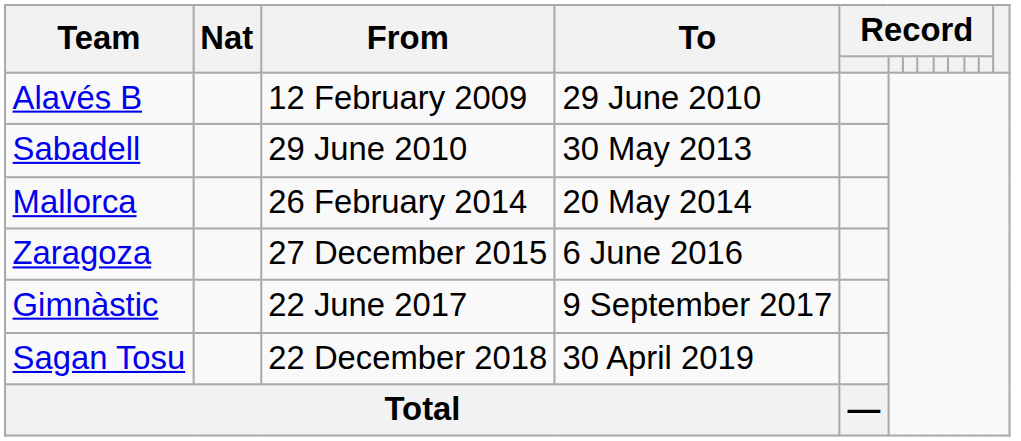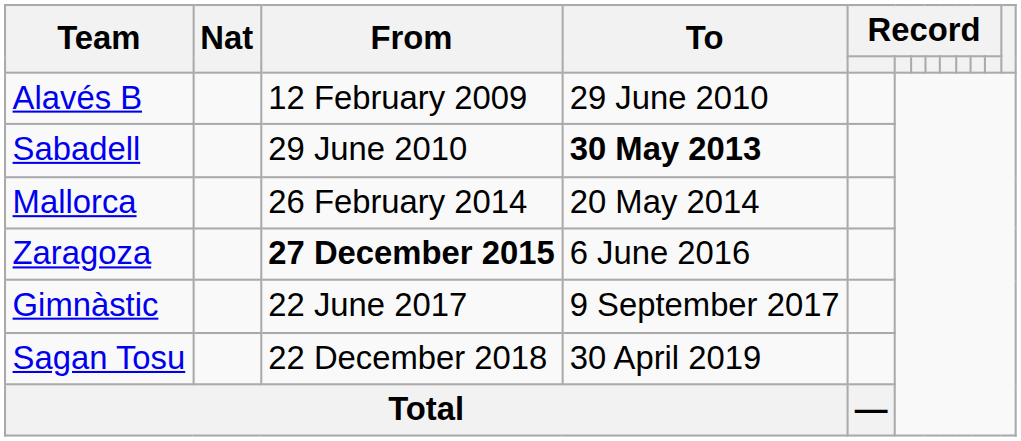 <table class="wikitable" style="text-align: center">
 <tr>
 <th rowspan="2">Team</th>
 <th rowspan="2">Nat</th>
 <th rowspan="2">From</th>
 <th rowspan="2">To</th>
 <th colspan="8">Record</th>
 <th rowspan=2></th>
 </tr>
 <tr>
 <th></th>
 <th></th>
 <th></th>
 <th></th>
 <th></th>
 <th></th>
 <th></th>
 <th></th>
 </tr>
 <tr>
 <td align=left><a href='#'>Alavés B</a></td>
 <td></td>
 <td align=left>12 February 2009</td>
 <td align=left>29 June 2010<br></td>
 <td></td>
 </tr>
 <tr>
 <td align=left><a href='#'>Sabadell</a></td>
 <td></td>
 <td align=left>29 June 2010</td>
-<td align=left>30 May 2013<br></td>
+<td align=left><strong>30 May 2013<br></strong></td>
 <td></td>
 </tr>
 <tr>
 <td align=left><a href='#'>Mallorca</a></td>
 <td></td>
 <td align=left>26 February 2014</td>
 <td align=left>20 May 2014<br></td>
 <td></td>
 </tr>
 <tr>
 <td align=left><a href='#'>Zaragoza</a></td>
 <td></td>
-<td align=left>27 December 2015</td>
+<td align=left><strong>27 December 2015</strong></td>
 <td align=left>6 June 2016<br></td>
 <td></td>
 </tr>
 <tr>
 <td align=left><a href='#'>Gimnàstic</a></td>
 <td></td>
 <td align=left>22 June 2017</td>
 <td align=left>9 September 2017<br></td>
 <td></td>
 </tr>
 <tr>
 <td align=left><a href='#'>Sagan Tosu</a></td>
 <td></td>
 <td align=left>22 December 2018</td>
 <td align=left>30 April 2019<br></td>
 <td></td>
 </tr>
 <tr>
 <th colspan="4">Total<br></th>
 <th>—</th>
 </tr>
 </table>
